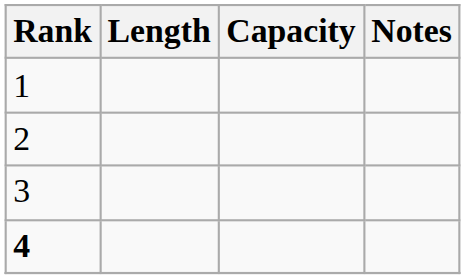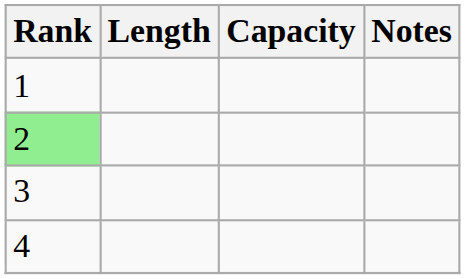 <table class="wikitable sortable" style="margin: 0.5em auto">
 <tr>
 <th>Rank</th>
 <th>Length</th>
 <th>Capacity</th>
 <th>Notes</th>
 </tr>
 <tr>
 <td>1</td>
 <td></td>
 <td></td>
 <td></td>
 </tr>
 <tr>
-<td>2</td>
+<td style="background: lightgreen;">2</td>
 <td></td>
 <td></td>
 <td></td>
 </tr>
 <tr>
 <td>3</td>
 <td></td>
 <td></td>
 <td></td>
 </tr>
 <tr>
-<td><strong>4</strong></td>
+<td>4</td>
 <td></td>
 <td></td>
 <td></td>
 </tr>
 <tr>
 </tr>
 </table>
